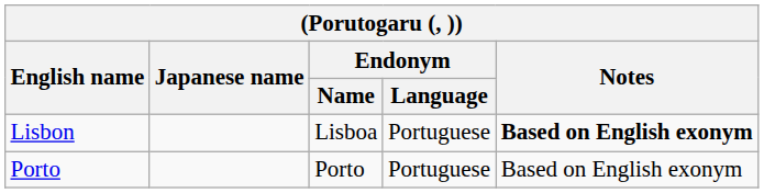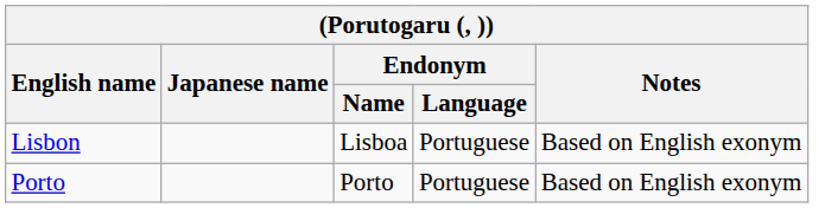 <table class="wikitable sortable">
 <tr>
 <th colspan="5"> (Porutogaru (, ))</th>
 </tr>
 <tr>
 <th rowspan="2">English name</th>
 <th rowspan="2">Japanese name</th>
 <th colspan="2">Endonym</th>
 <th rowspan="2">Notes</th>
 </tr>
 <tr>
 <th>Name</th>
 <th>Language</th>
 </tr>
 <tr>
 <td><a href='#'>Lisbon</a></td>
 <td></td>
 <td>Lisboa</td>
 <td>Portuguese</td>
-<td><strong>Based on English exonym</strong></td>
+<td>Based on English exonym</td>
 </tr>
 <tr>
 <td><a href='#'>Porto</a></td>
 <td></td>
 <td>Porto</td>
 <td>Portuguese</td>
 <td>Based on English exonym</td>
 </tr>
 </table>
